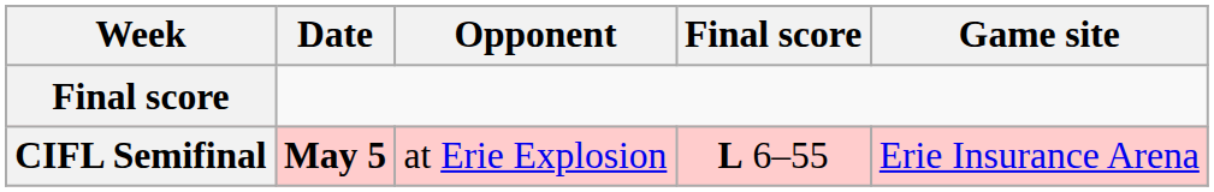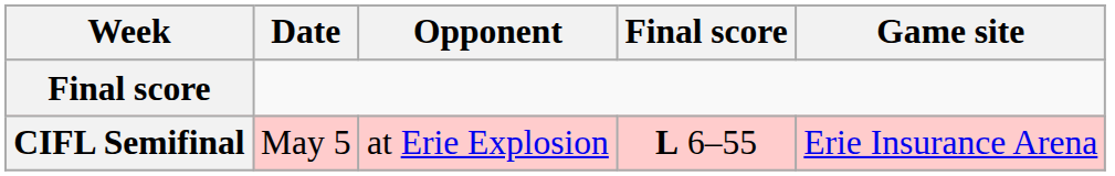 <table class="wikitable" style="text-align:center">
 <tr>
 <th>Week</th>
 <th>Date</th>
 <th>Opponent</th>
 <th>Final score</th>
 <th>Game site</th>
 </tr>
 <tr>
 <th>Final score</th>
 </tr>
 <tr style="background:#fcc">
 <th>CIFL Semifinal</th>
-<td><strong>May 5</strong></td>
+<td>May 5</td>
 <td>at <a href='#'>Erie Explosion</a></td>
 <td><strong>L</strong> 6–55</td>
 <td><a href='#'>Erie Insurance Arena</a></td>
 </tr>
 </table>
